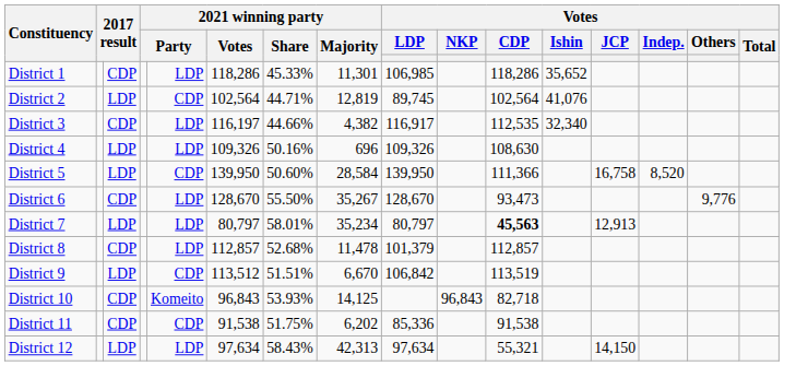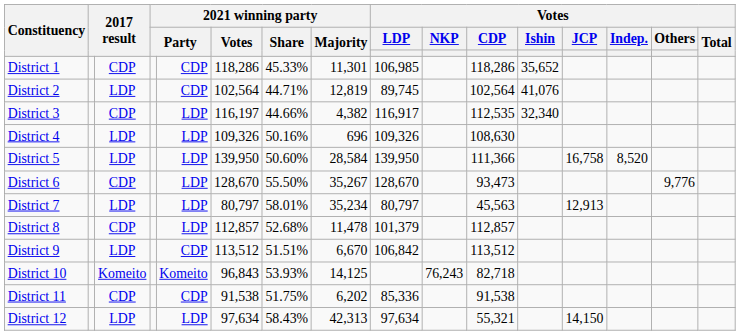 <table class="wikitable sortable" style="text-align:right; font-size:95%">
 <tr>
 <th rowspan="3" scope="col" style="text-align:left;">Constituency</th>
 <th colspan="2" rowspan="3" scope="col">2017<br>result</th>
 <th colspan="5">2021 winning party</th>
 <th colspan="8" scope="col">Votes</th>
 </tr>
 <tr>
 <th colspan="2" rowspan="2">Party</th>
 <th rowspan="2" scope="col">Votes</th>
 <th rowspan="2" scope="col">Share</th>
 <th rowspan="2" scope="col">Majority</th>
 <th scope="col"><a href='#'>LDP</a></th>
 <th scope="col"><a href='#'>NKP</a></th>
 <th scope="col"><a href='#'>CDP</a></th>
 <th scope="col"><a href='#'>Ishin</a></th>
 <th scope="col"><a href='#'>JCP</a></th>
 <th scope="col"><a href='#'>Indep.</a></th>
 <th scope="col">Others</th>
 <th rowspan="2" scope="col">Total</th>
 </tr>
 <tr>
 <th scope="col" style="background:"></th>
 <th scope="col" style="background:"></th>
 <th scope="col" style="background:"></th>
 <th scope="col" style="background:"></th>
 <th scope="col" style="background:"></th>
 <th scope="col" style="background:"></th>
 <th></th>
 </tr>
 <tr>
 <td style="text-align:left;"><a href='#'>District 1</a></td>
 <td style="background:"></td>
 <td style="text-align:center;"><a href='#'>CDP</a></td>
 <td style="background:"></td>
-<td><a href='#'>LDP</a></td>
+<td><a href='#'>CDP</a></td>
 <td>118,286</td>
 <td>45.33%</td>
 <td>11,301</td>
 <td>106,985</td>
 <td></td>
 <td>118,286</td>
 <td>35,652</td>
 <td></td>
 <td></td>
 <td></td>
 <td></td>
 </tr>
 <tr>
 <td style="text-align:left;"><a href='#'>District 2</a></td>
 <td style="background:"></td>
 <td style="text-align:center;"><a href='#'>LDP</a></td>
 <td style="background:"></td>
 <td><a href='#'>CDP</a></td>
 <td>102,564</td>
 <td>44.71%</td>
 <td>12,819</td>
 <td>89,745</td>
 <td></td>
 <td>102,564</td>
 <td>41,076</td>
 <td></td>
 <td></td>
 <td></td>
 <td></td>
 </tr>
 <tr>
 <td style="text-align:left;"><a href='#'>District 3</a></td>
 <td style="background:"></td>
 <td style="text-align:center;"><a href='#'>CDP</a></td>
 <td style="background:"></td>
 <td><a href='#'>LDP</a></td>
 <td>116,197</td>
 <td>44.66%</td>
 <td>4,382</td>
 <td>116,917</td>
 <td></td>
 <td>112,535</td>
 <td>32,340</td>
 <td></td>
 <td></td>
 <td></td>
 <td></td>
 </tr>
 <tr>
 <td style="text-align:left;"><a href='#'>District 4</a></td>
 <td style="background:"></td>
 <td style="text-align:center;"><a href='#'>LDP</a></td>
 <td style="background:"></td>
 <td><a href='#'>LDP</a></td>
 <td>109,326</td>
 <td>50.16%</td>
 <td>696</td>
 <td>109,326</td>
 <td></td>
 <td>108,630</td>
 <td></td>
 <td></td>
 <td></td>
 <td></td>
 <td></td>
 </tr>
 <tr>
 <td style="text-align:left;"><a href='#'>District 5</a></td>
 <td style="background:"></td>
 <td style="text-align:center;"><a href='#'>LDP</a></td>
 <td style="background:"></td>
-<td><a href='#'>CDP</a></td>
+<td><a href='#'>LDP</a></td>
 <td>139,950</td>
 <td>50.60%</td>
 <td>28,584</td>
 <td>139,950</td>
 <td></td>
 <td>111,366</td>
 <td></td>
 <td>16,758</td>
 <td>8,520</td>
 <td></td>
 <td></td>
 </tr>
 <tr>
 <td style="text-align:left;"><a href='#'>District 6</a></td>
 <td style="background:"></td>
 <td style="text-align:center;"><a href='#'>CDP</a></td>
 <td style="background:"></td>
 <td><a href='#'>LDP</a></td>
 <td>128,670</td>
 <td>55.50%</td>
 <td>35,267</td>
 <td>128,670</td>
 <td></td>
 <td>93,473</td>
 <td></td>
 <td></td>
 <td></td>
 <td>9,776</td>
 <td></td>
 </tr>
 <tr>
 <td style="text-align:left;"><a href='#'>District 7</a></td>
 <td style="background:"></td>
 <td style="text-align:center;"><a href='#'>LDP</a></td>
 <td style="background:"></td>
 <td><a href='#'>LDP</a></td>
 <td>80,797</td>
 <td>58.01%</td>
 <td>35,234</td>
 <td>80,797</td>
 <td></td>
-<td><strong>45,563</strong></td>
+<td>45,563</td>
 <td></td>
 <td>12,913</td>
 <td></td>
 <td></td>
 <td></td>
 </tr>
 <tr>
 <td style="text-align:left;"><a href='#'>District 8</a></td>
 <td style="background:"></td>
 <td style="text-align:center;"><a href='#'>CDP</a></td>
 <td style="background:"></td>
 <td><a href='#'>LDP</a></td>
 <td>112,857</td>
 <td>52.68%</td>
 <td>11,478</td>
 <td>101,379</td>
 <td></td>
 <td>112,857</td>
 <td></td>
 <td></td>
 <td></td>
 <td></td>
 <td></td>
 </tr>
 <tr>
 <td style="text-align:left;"><a href='#'>District 9</a></td>
 <td style="background:"></td>
 <td style="text-align:center;"><a href='#'>LDP</a></td>
 <td style="background:"></td>
 <td><a href='#'>CDP</a></td>
 <td>113,512</td>
 <td>51.51%</td>
 <td>6,670</td>
 <td>106,842</td>
 <td></td>
-<td>113,519</td>
+<td>113,512</td>
 <td></td>
 <td></td>
 <td></td>
 <td></td>
 <td></td>
 </tr>
 <tr>
 <td style="text-align:left;"><a href='#'>District 10</a></td>
 <td style="background:"></td>
-<td style="text-align:center;"><a href='#'>CDP</a></td>
+<td style="text-align:center;"><a href='#'>Komeito</a></td>
 <td style="background:"></td>
 <td><a href='#'>Komeito</a></td>
 <td>96,843</td>
 <td>53.93%</td>
 <td>14,125</td>
 <td></td>
-<td>96,843</td>
+<td>76,243</td>
 <td>82,718</td>
 <td></td>
 <td></td>
 <td></td>
 <td></td>
 <td></td>
 </tr>
 <tr>
 <td style="text-align:left;"><a href='#'>District 11</a></td>
 <td style="background:"></td>
 <td style="text-align:center;"><a href='#'>CDP</a></td>
 <td style="background:"></td>
 <td><a href='#'>CDP</a></td>
 <td>91,538</td>
 <td>51.75%</td>
 <td>6,202</td>
 <td>85,336</td>
 <td></td>
 <td>91,538</td>
 <td></td>
 <td></td>
 <td></td>
 <td></td>
 <td></td>
 </tr>
 <tr>
 <td style="text-align:left;"><a href='#'>District 12</a></td>
 <td style="background:"></td>
 <td style="text-align:center;"><a href='#'>LDP</a></td>
 <td style="background:"></td>
 <td><a href='#'>LDP</a></td>
 <td>97,634</td>
 <td>58.43%</td>
 <td>42,313</td>
 <td>97,634</td>
 <td></td>
 <td>55,321</td>
 <td></td>
 <td>14,150</td>
 <td></td>
 <td></td>
 <td></td>
 </tr>
 </table>
